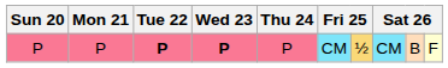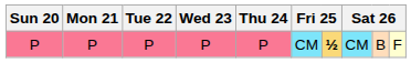 <table class="wikitable" style="margin:0.5em auto; font-size:90%; line-height:1.25em; text-align:center">
 <tr>
 <th>Sun 20</th>
 <th>Mon 21</th>
 <th>Tue 22</th>
 <th>Wed 23</th>
 <th>Thu 24</th>
 <th colspan="2">Fri 25</th>
 <th colspan="3">Sat 26</th>
 </tr>
 <tr>
 <td bgcolor="#FA7894">P</td>
 <td bgcolor="#FA7894">P</td>
-<td bgcolor="#FA7894"><strong>P</strong></td>
-<td bgcolor="#FA7894"><strong>P</strong></td>
+<td bgcolor="#FA7894">P</td>
+<td bgcolor="#FA7894">P</td>
 <td bgcolor="#FA7894">P</td>
 <td bgcolor="#7DE5FA">CM</td>
-<td bgcolor="#FAD978">½</td>
+<td bgcolor="#FAD978"><strong>½</strong></td>
 <td bgcolor="#7DE5FA">CM</td>
 <td bgcolor="#fdb">B</td>
 <td bgcolor="#ffffd1">F</td>
 </tr>
 </table>
